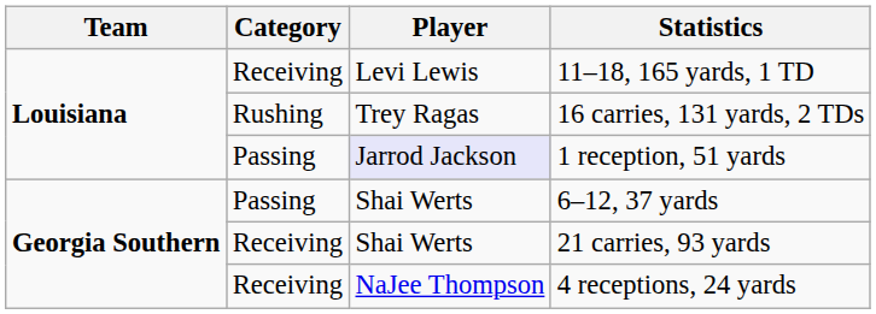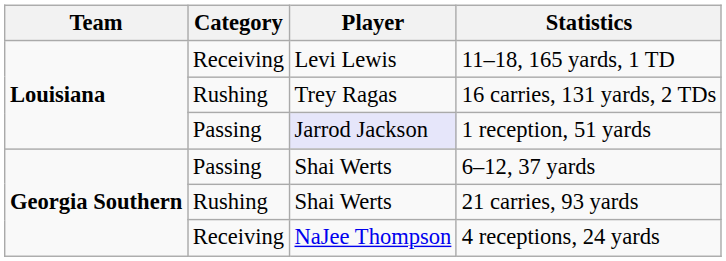 <table class="wikitable" style="float: left;">
 <tr>
 <th>Team</th>
 <th>Category</th>
 <th>Player</th>
 <th>Statistics</th>
 </tr>
 <tr>
 <td rowspan=3><strong>Louisiana</strong></td>
 <td>Receiving</td>
 <td>Levi Lewis</td>
 <td>11–18, 165 yards, 1 TD</td>
 </tr>
 <tr>
 <td>Rushing</td>
 <td>Trey Ragas</td>
 <td>16 carries, 131 yards, 2 TDs</td>
 </tr>
 <tr>
 <td>Passing</td>
 <td style="background: lavender;">Jarrod Jackson</td>
 <td>1 reception, 51 yards</td>
 </tr>
 <tr>
 <td rowspan=3><strong>Georgia Southern</strong></td>
 <td>Passing</td>
 <td>Shai Werts</td>
 <td>6–12, 37 yards</td>
 </tr>
 <tr>
-<td>Receiving</td>
+<td>Rushing</td>
 <td>Shai Werts</td>
 <td>21 carries, 93 yards</td>
 </tr>
 <tr>
 <td>Receiving</td>
 <td><a href='#'>NaJee Thompson</a></td>
 <td>4 receptions, 24 yards</td>
 </tr>
 </table>
